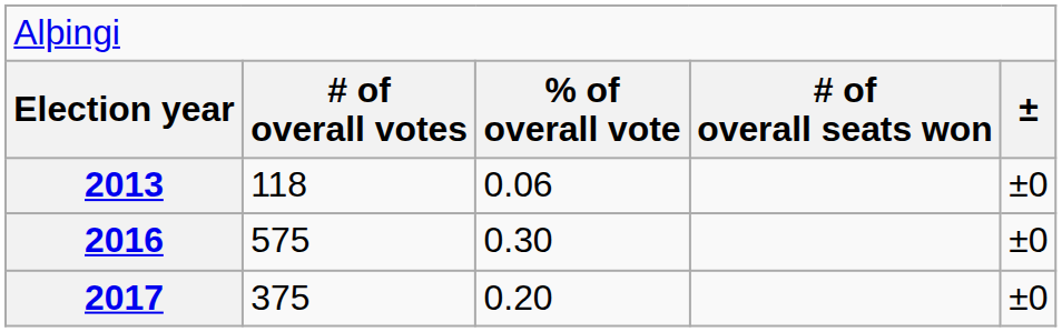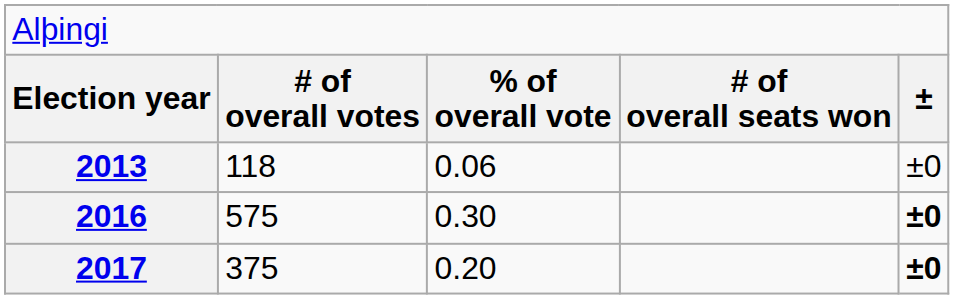 <table class=wikitable>
 <tr>
 <td colspan=6><a href='#'>Alþingi</a></td>
 </tr>
 <tr>
 <th>Election year</th>
 <th># of<br>overall votes</th>
 <th>% of<br>overall vote</th>
 <th># of<br>overall seats won</th>
 <th>±</th>
 </tr>
 <tr>
 <th><a href='#'>2013</a></th>
 <td>118</td>
 <td>0.06</td>
 <td></td>
 <td>±0</td>
 </tr>
 <tr>
 <th><a href='#'>2016</a></th>
 <td>575</td>
 <td>0.30</td>
 <td></td>
-<td>±0</td>
+<td><strong>±0</strong></td>
 </tr>
 <tr>
 <th><a href='#'>2017</a></th>
 <td>375</td>
 <td>0.20</td>
 <td></td>
-<td>±0</td>
+<td><strong>±0</strong></td>
 </tr>
 </table>
